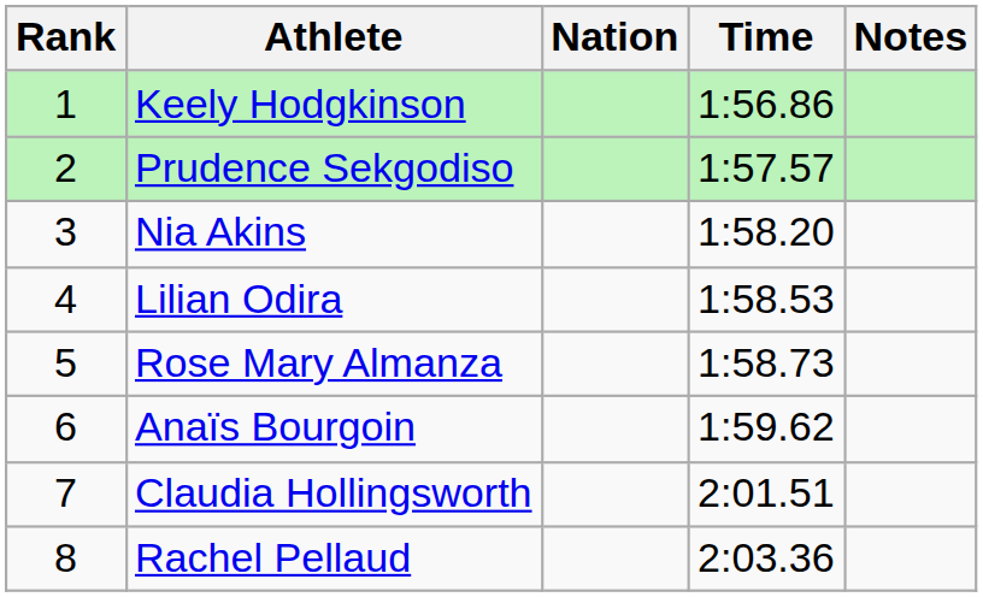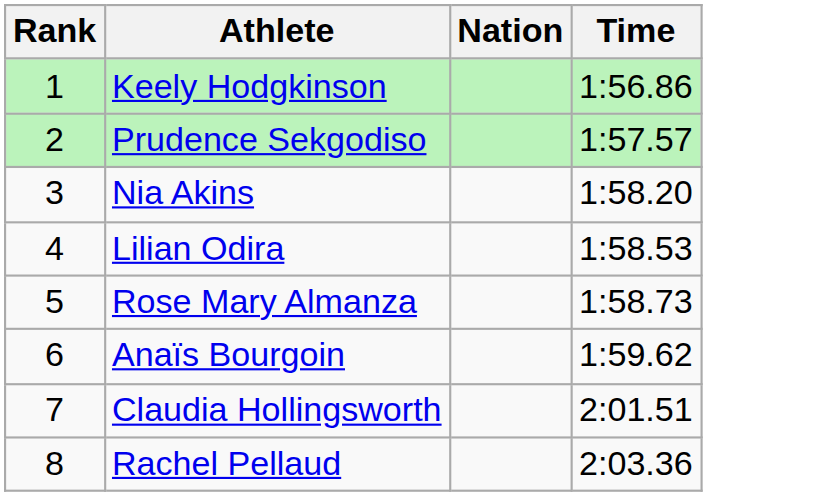 <table class="wikitable sortable" style="text-align:center;">
 <tr>
 <th>Rank</th>
 <th>Athlete</th>
 <th>Nation</th>
 <th>Time</th>
-<th>Notes</th>
 </tr>
 <tr bgcolor=bbf3bb>
 <td>1</td>
 <td align=left><a href='#'>Keely Hodgkinson</a></td>
 <td align=left></td>
 <td>1:56.86</td>
-<td></td>
 </tr>
 <tr bgcolor=bbf3bb>
 <td>2</td>
 <td align=left><a href='#'>Prudence Sekgodiso</a></td>
 <td align=left></td>
 <td>1:57.57</td>
-<td></td>
 </tr>
 <tr>
 <td>3</td>
 <td align=left><a href='#'>Nia Akins</a></td>
 <td align=left></td>
 <td>1:58.20</td>
-<td></td>
 </tr>
 <tr>
 <td>4</td>
 <td align=left><a href='#'>Lilian Odira</a></td>
 <td align=left></td>
 <td>1:58.53</td>
-<td></td>
 </tr>
 <tr>
 <td>5</td>
 <td align=left><a href='#'>Rose Mary Almanza</a></td>
 <td align=left></td>
 <td>1:58.73</td>
-<td></td>
 </tr>
 <tr>
 <td>6</td>
 <td align=left><a href='#'>Anaïs Bourgoin</a></td>
 <td align=left></td>
 <td>1:59.62</td>
-<td></td>
 </tr>
 <tr>
 <td>7</td>
 <td align=left><a href='#'>Claudia Hollingsworth</a></td>
 <td align=left></td>
 <td>2:01.51</td>
-<td></td>
 </tr>
 <tr>
 <td>8</td>
 <td align=left><a href='#'>Rachel Pellaud</a></td>
 <td align=left></td>
 <td>2:03.36</td>
-<td></td>
 </tr>
 </table>
